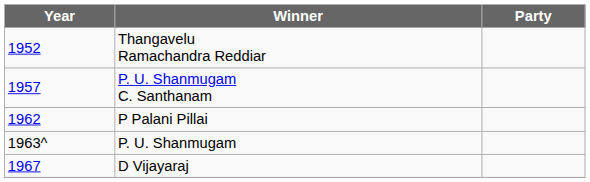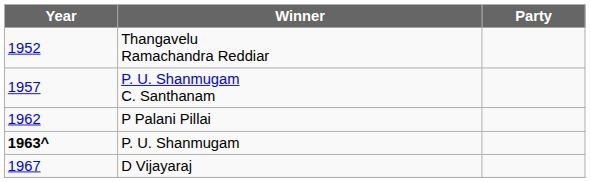 <table class="wikitable" width="50%">
 <tr>
 <th style="background-color:#666666; color:white">Year</th>
 <th style="background-color:#666666; color:white">Winner</th>
 <th style="background-color:#666666; color:white" colspan="2">Party</th>
 </tr>
 <tr>
 <td><a href='#'>1952</a></td>
 <td>Thangavelu <br> Ramachandra Reddiar</td>
 <td></td>
 </tr>
 <tr>
 <td><a href='#'>1957</a></td>
 <td><a href='#'>P. U. Shanmugam</a> <br> C. Santhanam</td>
 <td></td>
 </tr>
 <tr>
 <td><a href='#'>1962</a></td>
 <td>P Palani Pillai</td>
 <td></td>
 </tr>
 <tr>
-<td>1963^</td>
+<td><strong>1963^</strong></td>
 <td>P. U. Shanmugam</td>
 <td></td>
 </tr>
 <tr>
 <td><a href='#'>1967</a></td>
 <td>D Vijayaraj</td>
 <td></td>
 </tr>
 <tr>
 </tr>
 </table>
